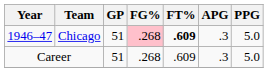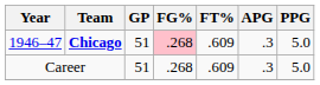 <table class="wikitable sortable" style="font-size:95%; text-align:right;">
 <tr>
 <th>Year</th>
 <th>Team</th>
 <th>GP</th>
 <th>FG%</th>
 <th>FT%</th>
 <th>APG</th>
 <th>PPG</th>
 </tr>
 <tr>
 <td style="text-align:left;"><a href='#'>1946–47</a></td>
-<td style="text-align:left;"><a href='#'>Chicago</a></td>
+<td style="text-align:left;"><strong><a href='#'>Chicago</a></strong></td>
 <td>51</td>
 <td style="background: pink;">.268</td>
-<td><strong>.609</strong></td>
+<td>.609</td>
 <td>.3</td>
 <td>5.0</td>
 </tr>
 <tr>
 <td style="text-align:center;" colspan="2">Career</td>
 <td>51</td>
 <td>.268</td>
 <td>.609</td>
 <td>.3</td>
 <td>5.0</td>
 </tr>
 <tr>
 </tr>
 </table>
